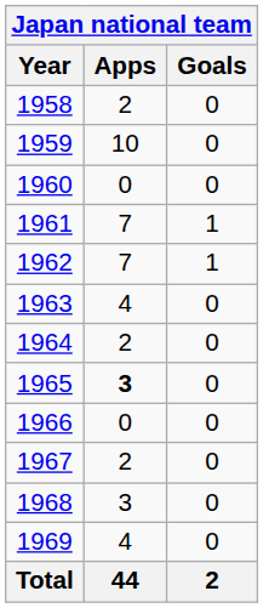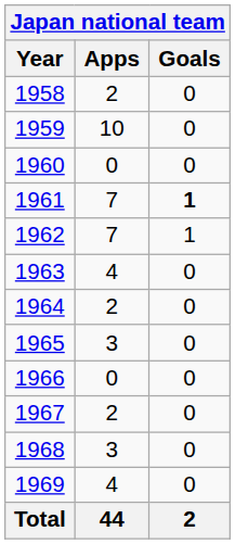 <table class="wikitable" style="text-align:center">
 <tr>
 <th colspan=3><a href='#'>Japan national team</a></th>
 </tr>
 <tr>
 <th>Year</th>
 <th>Apps</th>
 <th>Goals</th>
 </tr>
 <tr>
 <td><a href='#'>1958</a></td>
 <td>2</td>
 <td>0</td>
 </tr>
 <tr>
 <td><a href='#'>1959</a></td>
 <td>10</td>
 <td>0</td>
 </tr>
 <tr>
 <td><a href='#'>1960</a></td>
 <td>0</td>
 <td>0</td>
 </tr>
 <tr>
 <td><a href='#'>1961</a></td>
 <td>7</td>
-<td>1</td>
+<td><strong>1</strong></td>
 </tr>
 <tr>
 <td><a href='#'>1962</a></td>
 <td>7</td>
 <td>1</td>
 </tr>
 <tr>
 <td><a href='#'>1963</a></td>
 <td>4</td>
 <td>0</td>
 </tr>
 <tr>
 <td><a href='#'>1964</a></td>
 <td>2</td>
 <td>0</td>
 </tr>
 <tr>
 <td><a href='#'>1965</a></td>
-<td><strong>3</strong></td>
+<td>3</td>
 <td>0</td>
 </tr>
 <tr>
 <td><a href='#'>1966</a></td>
 <td>0</td>
 <td>0</td>
 </tr>
 <tr>
 <td><a href='#'>1967</a></td>
 <td>2</td>
 <td>0</td>
 </tr>
 <tr>
 <td><a href='#'>1968</a></td>
 <td>3</td>
 <td>0</td>
 </tr>
 <tr>
 <td><a href='#'>1969</a></td>
 <td>4</td>
 <td>0</td>
 </tr>
 <tr>
 <th>Total</th>
 <th>44</th>
 <th>2</th>
 </tr>
 </table>
